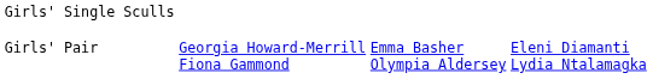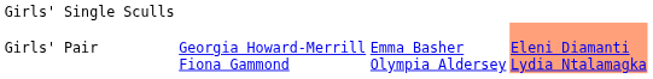 <table>
 <tr>
 <td>Girls' Single Sculls<br></td>
 <td></td>
 <td></td>
 <td></td>
 </tr>
 <tr>
 <td>Girls' Pair<br></td>
 <td><br><a href='#'>Georgia Howard-Merrill</a><br><a href='#'>Fiona Gammond</a></td>
 <td><br><a href='#'>Emma Basher</a><br><a href='#'>Olympia Aldersey</a></td>
-<td><br><a href='#'>Eleni Diamanti</a><br><a href='#'>Lydia Ntalamagka</a></td>
+<td style="background: lightsalmon;"><br><a href='#'>Eleni Diamanti</a><br><a href='#'>Lydia Ntalamagka</a></td>
 </tr>
 <tr>
 </tr>
 </table>
